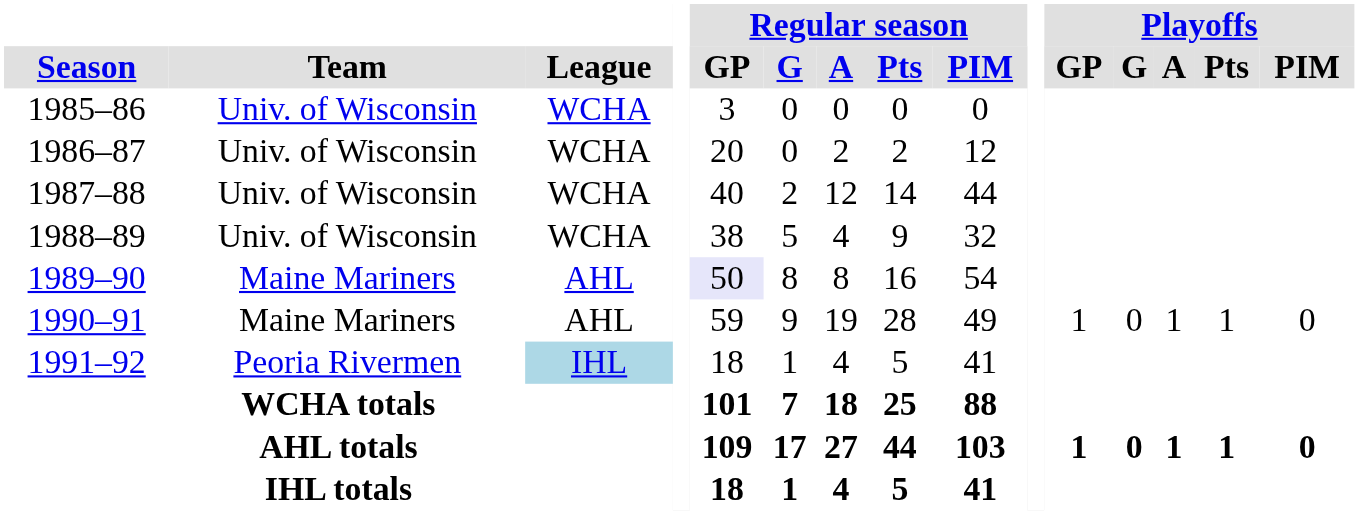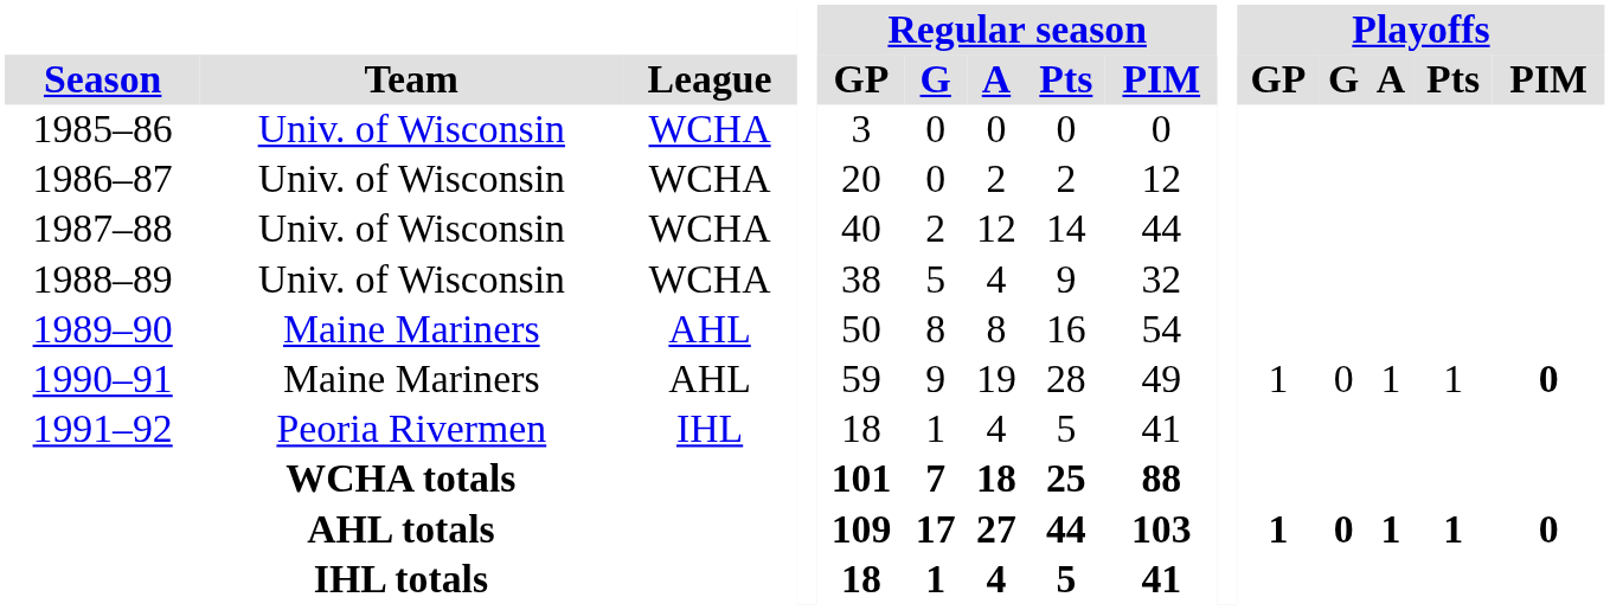 <table border="0" cellpadding="1" cellspacing="0" ID="Table3" style="text-align:center; width:40em">
 <tr bgcolor="#e0e0e0">
 <th colspan="3" bgcolor="#ffffff"> </th>
 <th rowspan="99" bgcolor="#ffffff"> </th>
 <th colspan="5"><a href='#'>Regular season</a></th>
 <th rowspan="99" bgcolor="#ffffff"> </th>
 <th colspan="5"><a href='#'>Playoffs</a></th>
 </tr>
 <tr bgcolor="#e0e0e0">
 <th><a href='#'>Season</a></th>
 <th>Team</th>
 <th>League</th>
 <th>GP</th>
 <th><a href='#'>G</a></th>
 <th><a href='#'>A</a></th>
 <th><a href='#'>Pts</a></th>
 <th><a href='#'>PIM</a></th>
 <th>GP</th>
 <th>G</th>
 <th>A</th>
 <th>Pts</th>
 <th>PIM</th>
 </tr>
 <tr>
 <td>1985–86</td>
 <td><a href='#'>Univ. of Wisconsin</a></td>
 <td><a href='#'>WCHA</a></td>
 <td>3</td>
 <td>0</td>
 <td>0</td>
 <td>0</td>
 <td>0</td>
 <td></td>
 <td></td>
 <td></td>
 <td></td>
 <td></td>
 </tr>
 <tr ---style="background:#f0f0f0;">
 <td>1986–87</td>
 <td>Univ. of Wisconsin</td>
 <td>WCHA</td>
 <td>20</td>
 <td>0</td>
 <td>2</td>
 <td>2</td>
 <td>12</td>
 <td></td>
 <td></td>
 <td></td>
 <td></td>
 <td></td>
 </tr>
 <tr --->
 <td>1987–88</td>
 <td>Univ. of Wisconsin</td>
 <td>WCHA</td>
 <td>40</td>
 <td>2</td>
 <td>12</td>
 <td>14</td>
 <td>44</td>
 <td></td>
 <td></td>
 <td></td>
 <td></td>
 <td></td>
 </tr>
 <tr ---style="background:#f0f0f0;">
 <td>1988–89</td>
 <td>Univ. of Wisconsin</td>
 <td>WCHA</td>
 <td>38</td>
 <td>5</td>
 <td>4</td>
 <td>9</td>
 <td>32</td>
 <td></td>
 <td></td>
 <td></td>
 <td></td>
 <td></td>
 </tr>
 <tr --->
 <td><a href='#'>1989–90</a></td>
 <td><a href='#'>Maine Mariners</a></td>
 <td><a href='#'>AHL</a></td>
-<td style="background: lavender;">50</td>
+<td>50</td>
 <td>8</td>
 <td>8</td>
 <td>16</td>
 <td>54</td>
 <td></td>
 <td></td>
 <td></td>
 <td></td>
 <td></td>
 </tr>
 <tr ---style="background:#f0f0f0;">
 <td><a href='#'>1990–91</a></td>
 <td>Maine Mariners</td>
 <td>AHL</td>
 <td>59</td>
 <td>9</td>
 <td>19</td>
 <td>28</td>
 <td>49</td>
 <td>1</td>
 <td>0</td>
 <td>1</td>
 <td>1</td>
-<td>0</td>
+<td><strong>0</strong></td>
 </tr>
 <tr --->
 <td><a href='#'>1991–92</a></td>
 <td><a href='#'>Peoria Rivermen</a></td>
-<td style="background: lightblue;"><a href='#'>IHL</a></td>
+<td><a href='#'>IHL</a></td>
 <td>18</td>
 <td>1</td>
 <td>4</td>
 <td>5</td>
 <td>41</td>
 <td></td>
 <td></td>
 <td></td>
 <td></td>
 <td></td>
 </tr>
 <tr --->
 <td colspan=3><strong>WCHA totals</strong></td>
 <td><strong>101</strong></td>
 <td><strong>7</strong></td>
 <td><strong>18</strong></td>
 <td><strong>25</strong></td>
 <td><strong>88</strong></td>
 <td></td>
 <td></td>
 <td></td>
 <td></td>
 <td></td>
 </tr>
 <tr --->
 <td colspan=3><strong>AHL totals</strong></td>
 <td><strong>109</strong></td>
 <td><strong>17</strong></td>
 <td><strong>27</strong></td>
 <td><strong>44</strong></td>
 <td><strong>103</strong></td>
 <td><strong>1</strong></td>
 <td><strong>0</strong></td>
 <td><strong>1</strong></td>
 <td><strong>1</strong></td>
 <td><strong>0</strong></td>
 </tr>
 <tr --->
 <td colspan=3><strong>IHL totals</strong></td>
 <td><strong>18</strong></td>
 <td><strong>1</strong></td>
 <td><strong>4</strong></td>
 <td><strong>5</strong></td>
 <td><strong>41</strong></td>
 <td><strong> </strong></td>
 <td><strong> </strong></td>
 <td><strong> </strong></td>
 <td><strong> </strong></td>
 <td><strong> </strong></td>
 </tr>
 <tr --->
 </tr>
 </table>
